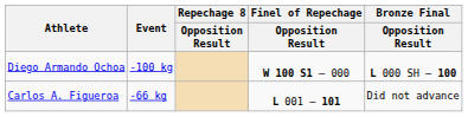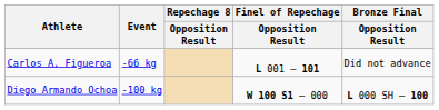 <table class="wikitable" style="font-size:90%">
 <tr>
 <th rowspan="2">Athlete</th>
 <th rowspan="2">Event</th>
 <th>Repechage 8</th>
 <th>Finel of Repechage</th>
 <th>Bronze Final</th>
 </tr>
 <tr>
 <th>Opposition<br>Result</th>
 <th>Opposition<br>Result</th>
 <th>Opposition<br>Result</th>
 </tr>
 <tr>
+<td><a href='#'>Carlos A. Figueroa</a></td>
+<td><a href='#'>-66 kg</a></td>
+<td align="center" bgcolor=wheat></td>
+<td align=center><br><strong>L</strong> 001 – <strong>101</strong></td>
+<td align="center">Did not advance</td>
+</tr>
+<tr>
 <td><a href='#'>Diego Armando Ochoa</a></td>
 <td><a href='#'>-100 kg</a></td>
 <td align="center" bgcolor=wheat></td>
 <td align=center><br><strong>W</strong> <strong>100 S1</strong> – 000</td>
 <td align=center><br><strong>L</strong> 000 SH – <strong>100</strong></td>
 </tr>
-<tr>
-<td><a href='#'>Carlos A. Figueroa</a></td>
-<td><a href='#'>-66 kg</a></td>
-<td align="center" bgcolor=wheat></td>
-<td align=center><br><strong>L</strong> 001 – <strong>101</strong></td>
-<td align="center">Did not advance</td>
-</tr>
 </table>
